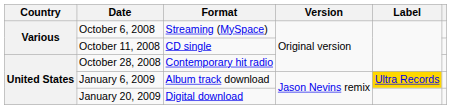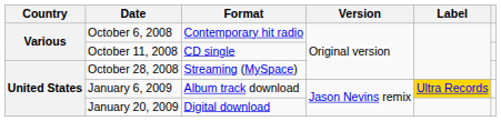 <table class="wikitable sortable plainrowheaders">
 <tr>
 <th scope="Col">Country</th>
 <th scope="Col">Date</th>
 <th scope="Col">Format</th>
 <th scope="Col">Version</th>
 <th scope="Col">Label</th>
 <th scope="Col"></th>
 </tr>
 <tr>
 <th scope="row" rowspan="2">Various</th>
 <td>October 6, 2008</td>
-<td><a href='#'>Streaming</a> (<a href='#'>MySpace</a>)</td>
+<td><a href='#'>Contemporary hit radio</a></td>
 <td rowspan="3">Original version</td>
 <td rowspan="3"></td>
 <td style="text-align:center;"></td>
 </tr>
 <tr>
 <td>October 11, 2008</td>
 <td><a href='#'>CD single</a></td>
 <td style="text-align:center;"></td>
 </tr>
 <tr>
 <th scope="row" rowspan="3">United States</th>
 <td>October 28, 2008</td>
-<td><a href='#'>Contemporary hit radio</a></td>
+<td><a href='#'>Streaming</a> (<a href='#'>MySpace</a>)</td>
 <td style="text-align:center;"></td>
 </tr>
 <tr>
 <td>January 6, 2009</td>
 <td><a href='#'>Album track</a> download</td>
 <td rowspan="2"><a href='#'>Jason Nevins</a> remix</td>
 <td style="background: gold;"><a href='#'>Ultra Records</a></td>
 <td style="text-align:center;"></td>
 </tr>
 <tr>
 <td>January 20, 2009</td>
 <td><a href='#'>Digital download</a></td>
 <td></td>
 <td style="text-align:center;"></td>
 </tr>
 </table>
